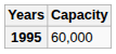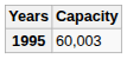 <table class="wikitable">
 <tr>
 <th scope="row">Years</th>
 <th scope="row">Capacity</th>
 </tr>
 <tr>
 <th scope="row">1995</th>
-<td>60,000</td>
+<td>60,003</td>
 </tr>
 </table>
